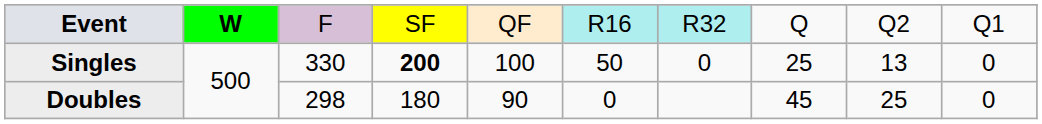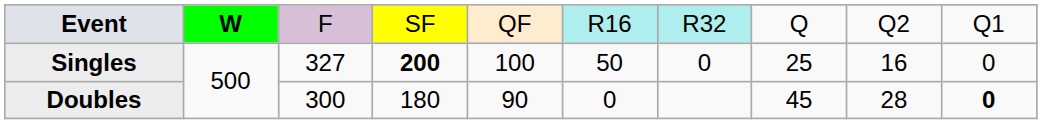 <table class="wikitable nowrap" style=font-size:90%;text-align:center>
 <tr>
 <td style="width:100px; background:#dfe2e9;"><strong>Event</strong></td>
 <td style="width:50px; background:lime;"><strong>W</strong></td>
 <td style="width:50px; background:thistle;">F</td>
 <td style="width:50px; background:#ff0;">SF</td>
 <td style="width:50px; background:#ffebcd;">QF</td>
 <td style="width:50px; background:#afeeee;">R16</td>
 <td style="width:50px; background:#afeeee;">R32</td>
 <td style="width:50px">Q</td>
 <td style="width:50px">Q2</td>
 <td style="width:50px">Q1</td>
 </tr>
 <tr>
 <th style="background:#ededed;">Singles</th>
 <td rowspan=2>500</td>
-<td>330</td>
+<td>327</td>
 <td><strong>200</strong></td>
 <td>100</td>
 <td>50</td>
 <td>0</td>
 <td>25</td>
-<td>13</td>
+<td>16</td>
 <td>0</td>
 </tr>
 <tr>
 <th style="background:#ededed;">Doubles</th>
-<td>298</td>
+<td>300</td>
 <td>180</td>
 <td>90</td>
 <td>0</td>
 <td></td>
 <td>45</td>
-<td>25</td>
-<td>0</td>
+<td>28</td>
+<td><strong>0</strong></td>
 </tr>
 </table>
